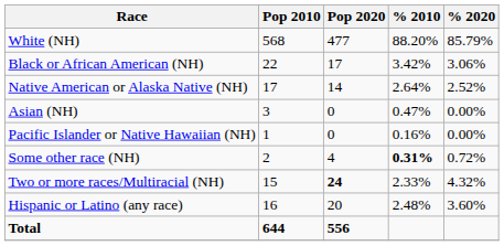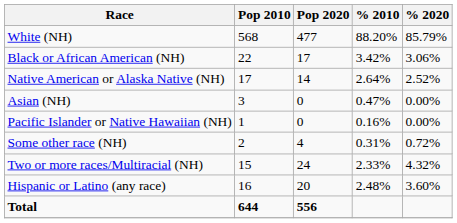 <table class="wikitable">
 <tr>
 <th>Race</th>
 <th>Pop 2010</th>
 <th>Pop 2020</th>
 <th>% 2010</th>
 <th>% 2020</th>
 </tr>
 <tr>
 <td><a href='#'>White</a> (NH)</td>
 <td>568</td>
 <td>477</td>
 <td>88.20%</td>
 <td>85.79%</td>
 </tr>
 <tr>
 <td><a href='#'>Black or African American</a> (NH)</td>
 <td>22</td>
 <td>17</td>
 <td>3.42%</td>
 <td>3.06%</td>
 </tr>
 <tr>
 <td><a href='#'>Native American</a> or <a href='#'>Alaska Native</a> (NH)</td>
 <td>17</td>
 <td>14</td>
 <td>2.64%</td>
 <td>2.52%</td>
 </tr>
 <tr>
 <td><a href='#'>Asian</a> (NH)</td>
 <td>3</td>
 <td>0</td>
 <td>0.47%</td>
 <td>0.00%</td>
 </tr>
 <tr>
 <td><a href='#'>Pacific Islander</a> or <a href='#'>Native Hawaiian</a> (NH)</td>
 <td>1</td>
 <td>0</td>
 <td>0.16%</td>
 <td>0.00%</td>
 </tr>
 <tr>
 <td><a href='#'>Some other race</a> (NH)</td>
 <td>2</td>
 <td>4</td>
-<td><strong>0.31%</strong></td>
+<td>0.31%</td>
 <td>0.72%</td>
 </tr>
 <tr>
 <td><a href='#'>Two or more races/Multiracial</a> (NH)</td>
 <td>15</td>
-<td><strong>24</strong></td>
+<td>24</td>
 <td>2.33%</td>
 <td>4.32%</td>
 </tr>
 <tr>
 <td><a href='#'>Hispanic or Latino</a> (any race)</td>
 <td>16</td>
 <td>20</td>
 <td>2.48%</td>
 <td>3.60%</td>
 </tr>
 <tr>
 <td><strong>Total</strong></td>
 <td><strong>644</strong></td>
 <td><strong>556</strong></td>
 <td></td>
 <td></td>
 </tr>
 <tr>
 </tr>
 </table>
